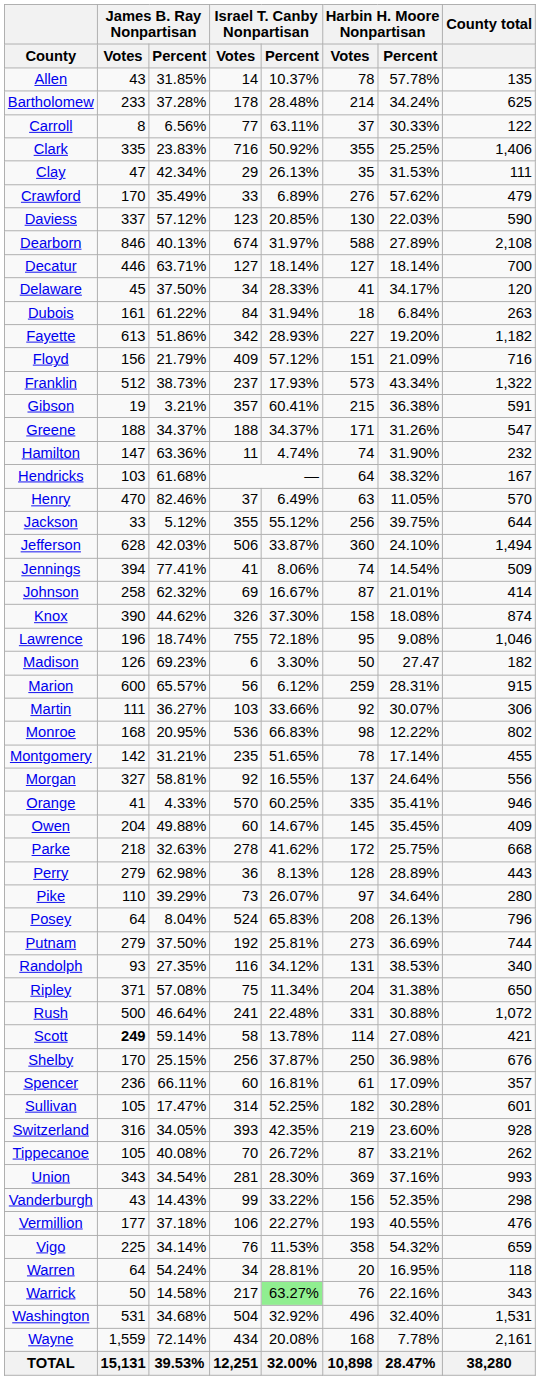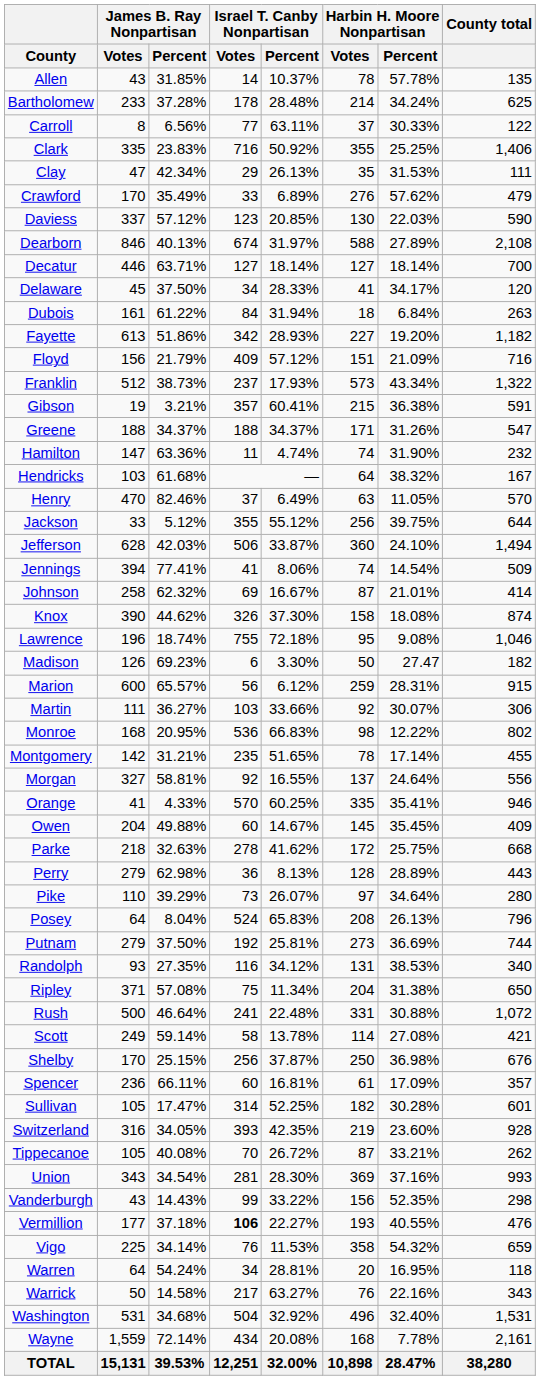 <table class="wikitable sortable" style="text-align:right">
 <tr>
 <th></th>
 <th align=center colspan=2>James B. Ray<br>Nonpartisan</th>
 <th align=center colspan=2>Israel T. Canby<br>Nonpartisan</th>
 <th align=center colspan=2>Harbin H. Moore<br>Nonpartisan</th>
 <th align=center>County total</th>
 </tr>
 <tr>
 <th align=center>County</th>
 <th align=center>Votes</th>
 <th align=center>Percent</th>
 <th align=center>Votes</th>
 <th align=center>Percent</th>
 <th align=center>Votes</th>
 <th align=center>Percent</th>
 <th></th>
 </tr>
 <tr>
 <td align=center><a href='#'>Allen</a></td>
 <td align=right>43</td>
 <td align=right>31.85%</td>
 <td align=right>14</td>
 <td align=right>10.37%</td>
 <td align=right>78</td>
 <td align=right>57.78%</td>
 <td align=right>135</td>
 </tr>
 <tr>
 <td align=center><a href='#'>Bartholomew</a></td>
 <td align=right>233</td>
 <td align=right>37.28%</td>
 <td align=right>178</td>
 <td align=right>28.48%</td>
 <td align=right>214</td>
 <td align=right>34.24%</td>
 <td align=right>625</td>
 </tr>
 <tr>
 <td align=center><a href='#'>Carroll</a></td>
 <td align=right>8</td>
 <td align=right>6.56%</td>
 <td align=right>77</td>
 <td align=right>63.11%</td>
 <td align=right>37</td>
 <td align=right>30.33%</td>
 <td align=right>122</td>
 </tr>
 <tr>
 <td align=center><a href='#'>Clark</a></td>
 <td align=right>335</td>
 <td align=right>23.83%</td>
 <td align=right>716</td>
 <td align=right>50.92%</td>
 <td align=right>355</td>
 <td align=right>25.25%</td>
 <td align=right>1,406</td>
 </tr>
 <tr>
 <td align=center><a href='#'>Clay</a></td>
 <td align=right>47</td>
 <td align=right>42.34%</td>
 <td align=right>29</td>
 <td align=right>26.13%</td>
 <td align=right>35</td>
 <td align=right>31.53%</td>
 <td align=right>111</td>
 </tr>
 <tr>
 <td align=center><a href='#'>Crawford</a></td>
 <td align=right>170</td>
 <td align=right>35.49%</td>
 <td align=right>33</td>
 <td align=right>6.89%</td>
 <td align=right>276</td>
 <td align=right>57.62%</td>
 <td align=right>479</td>
 </tr>
 <tr>
 <td align=center><a href='#'>Daviess</a></td>
 <td align=right>337</td>
 <td align=right>57.12%</td>
 <td align=right>123</td>
 <td align=right>20.85%</td>
 <td align=right>130</td>
 <td align=right>22.03%</td>
 <td align=right>590</td>
 </tr>
 <tr>
 <td align=center><a href='#'>Dearborn</a></td>
 <td align=right>846</td>
 <td align=right>40.13%</td>
 <td align=right>674</td>
 <td align=right>31.97%</td>
 <td align=right>588</td>
 <td align=right>27.89%</td>
 <td align=right>2,108</td>
 </tr>
 <tr>
 <td align=center><a href='#'>Decatur</a></td>
 <td align=right>446</td>
 <td align=right>63.71%</td>
 <td align=right>127</td>
 <td align=right>18.14%</td>
 <td align=right>127</td>
 <td align=right>18.14%</td>
 <td align=right>700</td>
 </tr>
 <tr>
 <td align=center><a href='#'>Delaware</a></td>
 <td align=right>45</td>
 <td align=right>37.50%</td>
 <td align=right>34</td>
 <td align=right>28.33%</td>
 <td align=right>41</td>
 <td align=right>34.17%</td>
 <td align=right>120</td>
 </tr>
 <tr>
 <td align=center><a href='#'>Dubois</a></td>
 <td align=right>161</td>
 <td align=right>61.22%</td>
 <td align=right>84</td>
 <td align=right>31.94%</td>
 <td align=right>18</td>
 <td align=right>6.84%</td>
 <td align=right>263</td>
 </tr>
 <tr>
 <td align=center><a href='#'>Fayette</a></td>
 <td align=right>613</td>
 <td align=right>51.86%</td>
 <td align=right>342</td>
 <td align=right>28.93%</td>
 <td align=right>227</td>
 <td align=right>19.20%</td>
 <td align=right>1,182</td>
 </tr>
 <tr>
 <td align=center><a href='#'>Floyd</a></td>
 <td align=right>156</td>
 <td align=right>21.79%</td>
 <td align=right>409</td>
 <td align=right>57.12%</td>
 <td align=right>151</td>
 <td align=right>21.09%</td>
 <td align=right>716</td>
 </tr>
 <tr>
 <td align=center><a href='#'>Franklin</a></td>
 <td align=right>512</td>
 <td align=right>38.73%</td>
 <td align=right>237</td>
 <td align=right>17.93%</td>
 <td align=right>573</td>
 <td align=right>43.34%</td>
 <td align=right>1,322</td>
 </tr>
 <tr>
 <td align=center><a href='#'>Gibson</a></td>
 <td align=right>19</td>
 <td align=right>3.21%</td>
 <td align=right>357</td>
 <td align=right>60.41%</td>
 <td align=right>215</td>
 <td align=right>36.38%</td>
 <td align=right>591</td>
 </tr>
 <tr>
 <td align=center><a href='#'>Greene</a></td>
 <td align=right>188</td>
 <td align=right>34.37%</td>
 <td align=right>188</td>
 <td align=right>34.37%</td>
 <td align=right>171</td>
 <td align=right>31.26%</td>
 <td align=right>547</td>
 </tr>
 <tr>
 <td align=center><a href='#'>Hamilton</a></td>
 <td align=right>147</td>
 <td align=right>63.36%</td>
 <td align=right>11</td>
 <td align=right>4.74%</td>
 <td align=right>74</td>
 <td align=right>31.90%</td>
 <td align=right>232</td>
 </tr>
 <tr>
 <td align=center><a href='#'>Hendricks</a></td>
 <td align=right>103</td>
 <td align=right>61.68%</td>
 <td align=right colspan=2>—</td>
 <td align=right>64</td>
 <td align=right>38.32%</td>
 <td align=right>167</td>
 </tr>
 <tr>
 <td align=center><a href='#'>Henry</a></td>
 <td align=right>470</td>
 <td align=right>82.46%</td>
 <td align=right>37</td>
 <td align=right>6.49%</td>
 <td align=right>63</td>
 <td align=right>11.05%</td>
 <td align=right>570</td>
 </tr>
 <tr>
 <td align=center><a href='#'>Jackson</a></td>
 <td align=right>33</td>
 <td align=right>5.12%</td>
 <td align=right>355</td>
 <td align=right>55.12%</td>
 <td align=right>256</td>
 <td align=right>39.75%</td>
 <td align=right>644</td>
 </tr>
 <tr>
 <td align=center><a href='#'>Jefferson</a></td>
 <td align=right>628</td>
 <td align=right>42.03%</td>
 <td align=right>506</td>
 <td align=right>33.87%</td>
 <td align=right>360</td>
 <td align=right>24.10%</td>
 <td align=right>1,494</td>
 </tr>
 <tr>
 <td align=center><a href='#'>Jennings</a></td>
 <td align=right>394</td>
 <td align=right>77.41%</td>
 <td align=right>41</td>
 <td align=right>8.06%</td>
 <td align=right>74</td>
 <td align=right>14.54%</td>
 <td align=right>509</td>
 </tr>
 <tr>
 <td align=center><a href='#'>Johnson</a></td>
 <td align=right>258</td>
 <td align=right>62.32%</td>
 <td align=right>69</td>
 <td align=right>16.67%</td>
 <td align=right>87</td>
 <td align=right>21.01%</td>
 <td align=right>414</td>
 </tr>
 <tr>
 <td align=center><a href='#'>Knox</a></td>
 <td align=right>390</td>
 <td align=right>44.62%</td>
 <td align=right>326</td>
 <td align=right>37.30%</td>
 <td align=right>158</td>
 <td align=right>18.08%</td>
 <td align=right>874</td>
 </tr>
 <tr>
 <td align=center><a href='#'>Lawrence</a></td>
 <td align=right>196</td>
 <td align=right>18.74%</td>
 <td align=right>755</td>
 <td align=right>72.18%</td>
 <td align=right>95</td>
 <td align=right>9.08%</td>
 <td align=right>1,046</td>
 </tr>
 <tr>
 <td align=center><a href='#'>Madison</a></td>
 <td align=right>126</td>
 <td align=right>69.23%</td>
 <td align=right>6</td>
 <td align=right>3.30%</td>
 <td align=right>50</td>
 <td align=right>27.47</td>
 <td align=right>182</td>
 </tr>
 <tr>
 <td align=center><a href='#'>Marion</a></td>
 <td align=right>600</td>
 <td align=right>65.57%</td>
 <td align=right>56</td>
 <td align=right>6.12%</td>
 <td align=right>259</td>
 <td align=right>28.31%</td>
 <td align=right>915</td>
 </tr>
 <tr>
 <td align=center><a href='#'>Martin</a></td>
 <td align=right>111</td>
 <td align=right>36.27%</td>
 <td align=right>103</td>
 <td align=right>33.66%</td>
 <td align=right>92</td>
 <td align=right>30.07%</td>
 <td align=right>306</td>
 </tr>
 <tr>
 <td align=center><a href='#'>Monroe</a></td>
 <td align=right>168</td>
 <td align=right>20.95%</td>
 <td align=right>536</td>
 <td align=right>66.83%</td>
 <td align=right>98</td>
 <td align=right>12.22%</td>
 <td align=right>802</td>
 </tr>
 <tr>
 <td align=center><a href='#'>Montgomery</a></td>
 <td align=right>142</td>
 <td align=right>31.21%</td>
 <td align=right>235</td>
 <td align=right>51.65%</td>
 <td align=right>78</td>
 <td align=right>17.14%</td>
 <td align=right>455</td>
 </tr>
 <tr>
 <td align=center><a href='#'>Morgan</a></td>
 <td align=right>327</td>
 <td align=right>58.81%</td>
 <td align=right>92</td>
 <td align=right>16.55%</td>
 <td align=right>137</td>
 <td align=right>24.64%</td>
 <td align=right>556</td>
 </tr>
 <tr>
 <td align=center><a href='#'>Orange</a></td>
 <td align=right>41</td>
 <td align=right>4.33%</td>
 <td align=right>570</td>
 <td align=right>60.25%</td>
 <td align=right>335</td>
 <td align=right>35.41%</td>
 <td align=right>946</td>
 </tr>
 <tr>
 <td align=center><a href='#'>Owen</a></td>
 <td align=right>204</td>
 <td align=right>49.88%</td>
 <td align=right>60</td>
 <td align=right>14.67%</td>
 <td align=right>145</td>
 <td align=right>35.45%</td>
 <td align=right>409</td>
 </tr>
 <tr>
 <td align=center><a href='#'>Parke</a></td>
 <td align=right>218</td>
 <td align=right>32.63%</td>
 <td align=right>278</td>
 <td align=right>41.62%</td>
 <td align=right>172</td>
 <td align=right>25.75%</td>
 <td align=right>668</td>
 </tr>
 <tr>
 <td align=center><a href='#'>Perry</a></td>
 <td align=right>279</td>
 <td align=right>62.98%</td>
 <td align=right>36</td>
 <td align=right>8.13%</td>
 <td align=right>128</td>
 <td align=right>28.89%</td>
 <td align=right>443</td>
 </tr>
 <tr>
 <td align=center><a href='#'>Pike</a></td>
 <td align=right>110</td>
 <td align=right>39.29%</td>
 <td align=right>73</td>
 <td align=right>26.07%</td>
 <td align=right>97</td>
 <td align=right>34.64%</td>
 <td align=right>280</td>
 </tr>
 <tr>
 <td align=center><a href='#'>Posey</a></td>
 <td align=right>64</td>
 <td align=right>8.04%</td>
 <td align=right>524</td>
 <td align=right>65.83%</td>
 <td align=right>208</td>
 <td align=right>26.13%</td>
 <td align=right>796</td>
 </tr>
 <tr>
 <td align=center><a href='#'>Putnam</a></td>
 <td align=right>279</td>
 <td align=right>37.50%</td>
 <td align=right>192</td>
 <td align=right>25.81%</td>
 <td align=right>273</td>
 <td align=right>36.69%</td>
 <td align=right>744</td>
 </tr>
 <tr>
 <td align=center><a href='#'>Randolph</a></td>
 <td align=right>93</td>
 <td align=right>27.35%</td>
 <td align=right>116</td>
 <td align=right>34.12%</td>
 <td align=right>131</td>
 <td align=right>38.53%</td>
 <td align=right>340</td>
 </tr>
 <tr>
 <td align=center><a href='#'>Ripley</a></td>
 <td align=right>371</td>
 <td align=right>57.08%</td>
 <td align=right>75</td>
 <td align=right>11.34%</td>
 <td align=right>204</td>
 <td align=right>31.38%</td>
 <td align=right>650</td>
 </tr>
 <tr>
 <td align=center><a href='#'>Rush</a></td>
 <td align=right>500</td>
 <td align=right>46.64%</td>
 <td align=right>241</td>
 <td align=right>22.48%</td>
 <td align=right>331</td>
 <td align=right>30.88%</td>
 <td align=right>1,072</td>
 </tr>
 <tr>
 <td align=center><a href='#'>Scott</a></td>
-<td align=right><strong>249</strong></td>
+<td align=right>249</td>
 <td align=right>59.14%</td>
 <td align=right>58</td>
 <td align=right>13.78%</td>
 <td align=right>114</td>
 <td align=right>27.08%</td>
 <td align=right>421</td>
 </tr>
 <tr>
 <td align=center><a href='#'>Shelby</a></td>
 <td align=right>170</td>
 <td align=right>25.15%</td>
 <td align=right>256</td>
 <td align=right>37.87%</td>
 <td align=right>250</td>
 <td align=right>36.98%</td>
 <td align=right>676</td>
 </tr>
 <tr>
 <td align=center><a href='#'>Spencer</a></td>
 <td align=right>236</td>
 <td align=right>66.11%</td>
 <td align=right>60</td>
 <td align=right>16.81%</td>
 <td align=right>61</td>
 <td align=right>17.09%</td>
 <td align=right>357</td>
 </tr>
 <tr>
 <td align=center><a href='#'>Sullivan</a></td>
 <td align=right>105</td>
 <td align=right>17.47%</td>
 <td align=right>314</td>
 <td align=right>52.25%</td>
 <td align=right>182</td>
 <td align=right>30.28%</td>
 <td align=right>601</td>
 </tr>
 <tr>
 <td align=center><a href='#'>Switzerland</a></td>
 <td align=right>316</td>
 <td align=right>34.05%</td>
 <td align=right>393</td>
 <td align=right>42.35%</td>
 <td align=right>219</td>
 <td align=right>23.60%</td>
 <td align=right>928</td>
 </tr>
 <tr>
 <td align=center><a href='#'>Tippecanoe</a></td>
 <td align=right>105</td>
 <td align=right>40.08%</td>
 <td align=right>70</td>
 <td align=right>26.72%</td>
 <td align=right>87</td>
 <td align=right>33.21%</td>
 <td align=right>262</td>
 </tr>
 <tr>
 <td align=center><a href='#'>Union</a></td>
 <td align=right>343</td>
 <td align=right>34.54%</td>
 <td align=right>281</td>
 <td align=right>28.30%</td>
 <td align=right>369</td>
 <td align=right>37.16%</td>
 <td align=right>993</td>
 </tr>
 <tr>
 <td align=center><a href='#'>Vanderburgh</a></td>
 <td align=right>43</td>
 <td align=right>14.43%</td>
 <td align=right>99</td>
 <td align=right>33.22%</td>
 <td align=right>156</td>
 <td align=right>52.35%</td>
 <td align=right>298</td>
 </tr>
 <tr>
 <td align=center><a href='#'>Vermillion</a></td>
 <td align=right>177</td>
 <td align=right>37.18%</td>
-<td align=right>106</td>
+<td align=right><strong>106</strong></td>
 <td align=right>22.27%</td>
 <td align=right>193</td>
 <td align=right>40.55%</td>
 <td align=right>476</td>
 </tr>
 <tr>
 <td align=center><a href='#'>Vigo</a></td>
 <td align=right>225</td>
 <td align=right>34.14%</td>
 <td align=right>76</td>
 <td align=right>11.53%</td>
 <td align=right>358</td>
 <td align=right>54.32%</td>
 <td align=right>659</td>
 </tr>
 <tr>
 <td align=center><a href='#'>Warren</a></td>
 <td align=right>64</td>
 <td align=right>54.24%</td>
 <td align=right>34</td>
 <td align=right>28.81%</td>
 <td align=right>20</td>
 <td align=right>16.95%</td>
 <td align=right>118</td>
 </tr>
 <tr>
 <td align=center><a href='#'>Warrick</a></td>
 <td align=right>50</td>
 <td align=right>14.58%</td>
 <td align=right>217</td>
-<td align=right style="background: lightgreen;">63.27%</td>
+<td align=right>63.27%</td>
 <td align=right>76</td>
 <td align=right>22.16%</td>
 <td align=right>343</td>
 </tr>
 <tr>
 <td align=center><a href='#'>Washington</a></td>
 <td align=right>531</td>
 <td align=right>34.68%</td>
 <td align=right>504</td>
 <td align=right>32.92%</td>
 <td align=right>496</td>
 <td align=right>32.40%</td>
 <td align=right>1,531</td>
 </tr>
 <tr>
 <td align=center><a href='#'>Wayne</a></td>
 <td align=right>1,559</td>
 <td align=right>72.14%</td>
 <td align=right>434</td>
 <td align=right>20.08%</td>
 <td align=right>168</td>
 <td align=right>7.78%</td>
 <td align=right>2,161</td>
 </tr>
 <tr>
 <th>TOTAL</th>
 <th>15,131</th>
 <th>39.53%</th>
 <th>12,251</th>
 <th>32.00%</th>
 <th>10,898</th>
 <th>28.47%</th>
 <th>38,280</th>
 </tr>
 </table>
